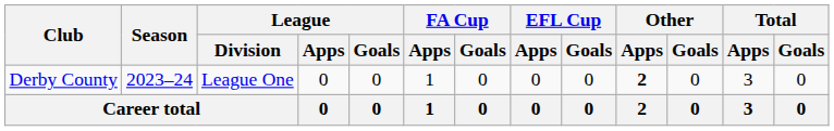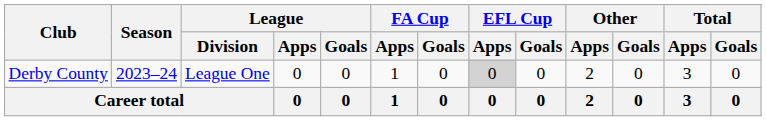 <table class=wikitable style="text-align: center">
 <tr>
 <th rowspan="2">Club</th>
 <th rowspan="2">Season</th>
 <th colspan="3">League</th>
 <th colspan="2"><a href='#'>FA Cup</a></th>
 <th colspan="2"><a href='#'>EFL Cup</a></th>
 <th colspan="2">Other</th>
 <th colspan="2">Total</th>
 </tr>
 <tr>
 <th>Division</th>
 <th>Apps</th>
 <th>Goals</th>
 <th>Apps</th>
 <th>Goals</th>
 <th>Apps</th>
 <th>Goals</th>
 <th>Apps</th>
 <th>Goals</th>
 <th>Apps</th>
 <th>Goals</th>
 </tr>
 <tr>
 <td rowspan=1><a href='#'>Derby County</a></td>
 <td><a href='#'>2023–24</a></td>
 <td><a href='#'>League One</a></td>
 <td>0</td>
 <td>0</td>
 <td>1</td>
 <td>0</td>
+<td style="background: lightgrey;">0</td>
 <td>0</td>
-<td>0</td>
-<td><strong>2</strong></td>
+<td>2</td>
 <td>0</td>
 <td>3</td>
 <td>0</td>
 </tr>
 <tr>
 <th colspan="3">Career total</th>
 <th>0</th>
 <th>0</th>
 <th>1</th>
 <th>0</th>
 <th>0</th>
 <th>0</th>
 <th>2</th>
 <th>0</th>
 <th>3</th>
 <th>0</th>
 </tr>
 </table>
